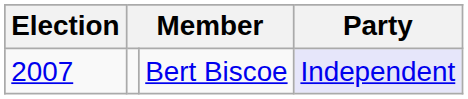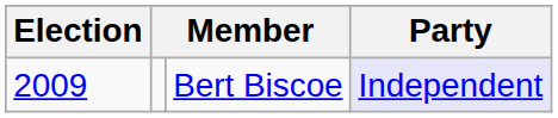 <table class="wikitable">
 <tr>
 <th>Election</th>
 <th colspan="2">Member</th>
 <th>Party</th>
 </tr>
 <tr>
-<td><a href='#'>2007</a></td>
+<td><a href='#'>2009</a></td>
 <td rowspan="1" style="background-color: "></td>
 <td rowspan="1"><a href='#'>Bert Biscoe</a></td>
 <td rowspan="1" style="background: lavender;"><a href='#'>Independent</a></td>
 </tr>
 </table>
